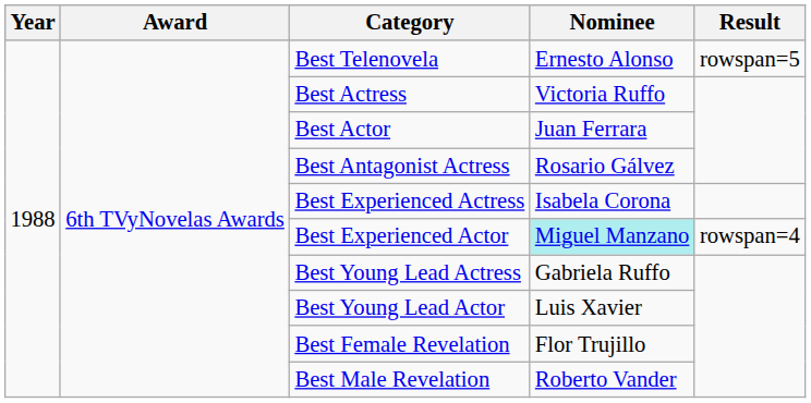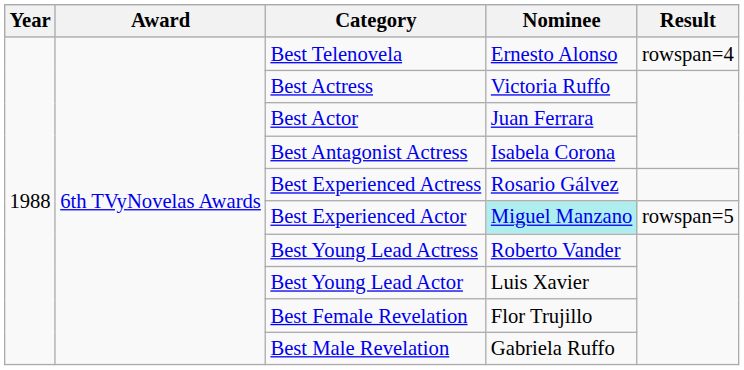 <table class="wikitable">
 <tr style="background:#b0c4de;">
 <th>Year</th>
 <th>Award</th>
 <th>Category</th>
 <th>Nominee</th>
 <th>Result</th>
 </tr>
 <tr>
 <td rowspan=10>1988</td>
 <td rowspan=10><a href='#'>6th TVyNovelas Awards</a></td>
 <td><a href='#'>Best Telenovela</a></td>
 <td><a href='#'>Ernesto Alonso</a></td>
-<td>rowspan=5 </td>
+<td>rowspan=4 </td>
 </tr>
 <tr>
 <td><a href='#'>Best Actress</a></td>
 <td><a href='#'>Victoria Ruffo</a></td>
 </tr>
 <tr>
 <td><a href='#'>Best Actor</a></td>
 <td><a href='#'>Juan Ferrara</a></td>
 </tr>
 <tr>
 <td><a href='#'>Best Antagonist Actress</a></td>
-<td><a href='#'>Rosario Gálvez</a></td>
+<td><a href='#'>Isabela Corona</a></td>
 </tr>
 <tr>
 <td><a href='#'>Best Experienced Actress</a></td>
-<td><a href='#'>Isabela Corona</a></td>
+<td><a href='#'>Rosario Gálvez</a></td>
 <td></td>
 </tr>
 <tr>
 <td><a href='#'>Best Experienced Actor</a></td>
 <td style="background: paleturquoise;"><a href='#'>Miguel Manzano</a></td>
-<td>rowspan=4 </td>
+<td>rowspan=5 </td>
 </tr>
 <tr>
 <td><a href='#'>Best Young Lead Actress</a></td>
-<td>Gabriela Ruffo</td>
+<td><a href='#'>Roberto Vander</a></td>
 </tr>
 <tr>
 <td><a href='#'>Best Young Lead Actor</a></td>
 <td>Luis Xavier</td>
 </tr>
 <tr>
 <td><a href='#'>Best Female Revelation</a></td>
 <td>Flor Trujillo</td>
 </tr>
 <tr>
 <td><a href='#'>Best Male Revelation</a></td>
-<td><a href='#'>Roberto Vander</a></td>
+<td>Gabriela Ruffo</td>
 </tr>
 </table>
